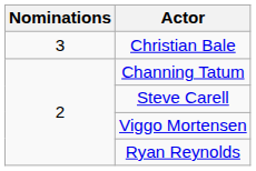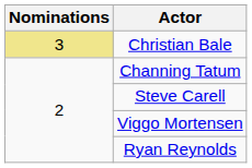 <table class="wikitable" style="text-align:center;">
 <tr>
 <th width="79" scope="col">Nominations</th>
 <th align="center" scope="col">Actor</th>
 </tr>
 <tr>
-<td rowspan="1" style="text-align:center;">3</td>
+<td rowspan="1" style="background: khaki; text-align:center;">3</td>
 <td><a href='#'>Christian Bale</a></td>
 </tr>
 <tr>
 <td rowspan="4" style="text-align:center;">2</td>
 <td><a href='#'>Channing Tatum</a></td>
 </tr>
 <tr>
 <td><a href='#'>Steve Carell</a></td>
 </tr>
 <tr>
 <td><a href='#'>Viggo Mortensen</a></td>
 </tr>
 <tr>
 <td><a href='#'>Ryan Reynolds</a></td>
 </tr>
 </table>
